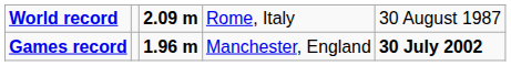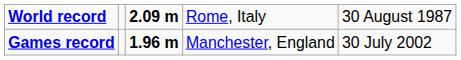 <table class="wikitable">
 <tr>
 <td><a href='#'><strong>World record</strong></a></td>
 <td></td>
 <td><strong>2.09 m</strong></td>
 <td><a href='#'>Rome</a>, Italy</td>
 <td>30 August 1987</td>
 </tr>
 <tr>
 <td><a href='#'><strong>Games record</strong></a></td>
 <td></td>
 <td><strong>1.96 m</strong></td>
 <td><a href='#'>Manchester</a>, England</td>
-<td><strong>30 July 2002</strong></td>
+<td>30 July 2002</td>
 </tr>
 </table>
